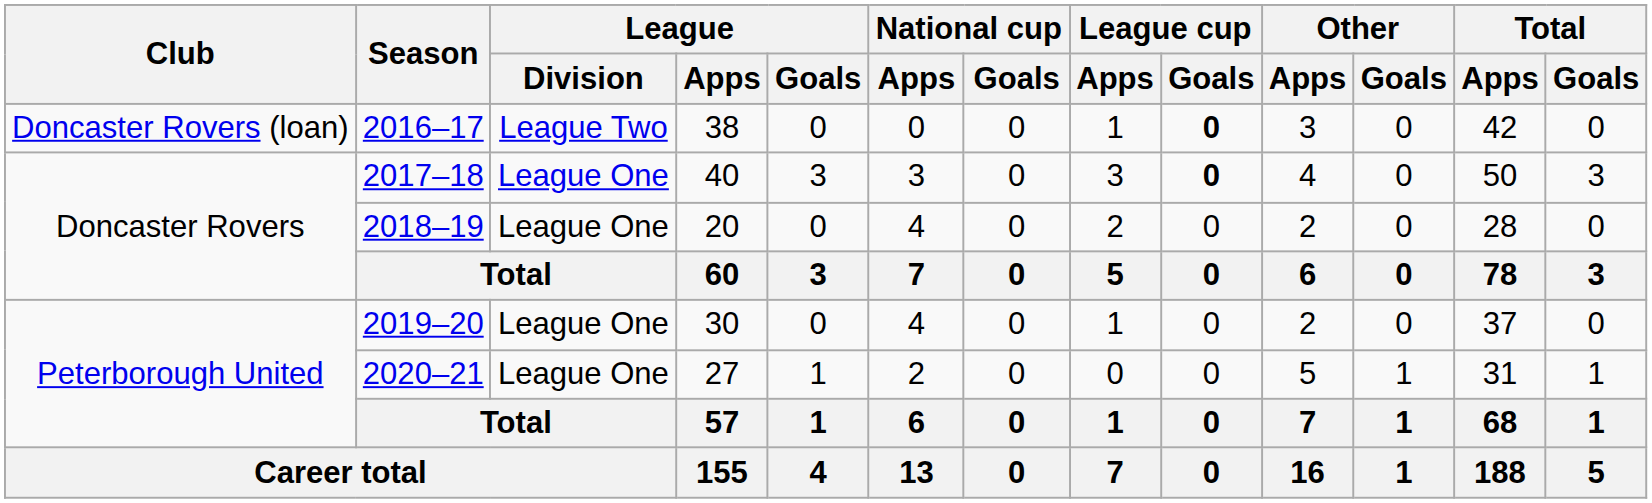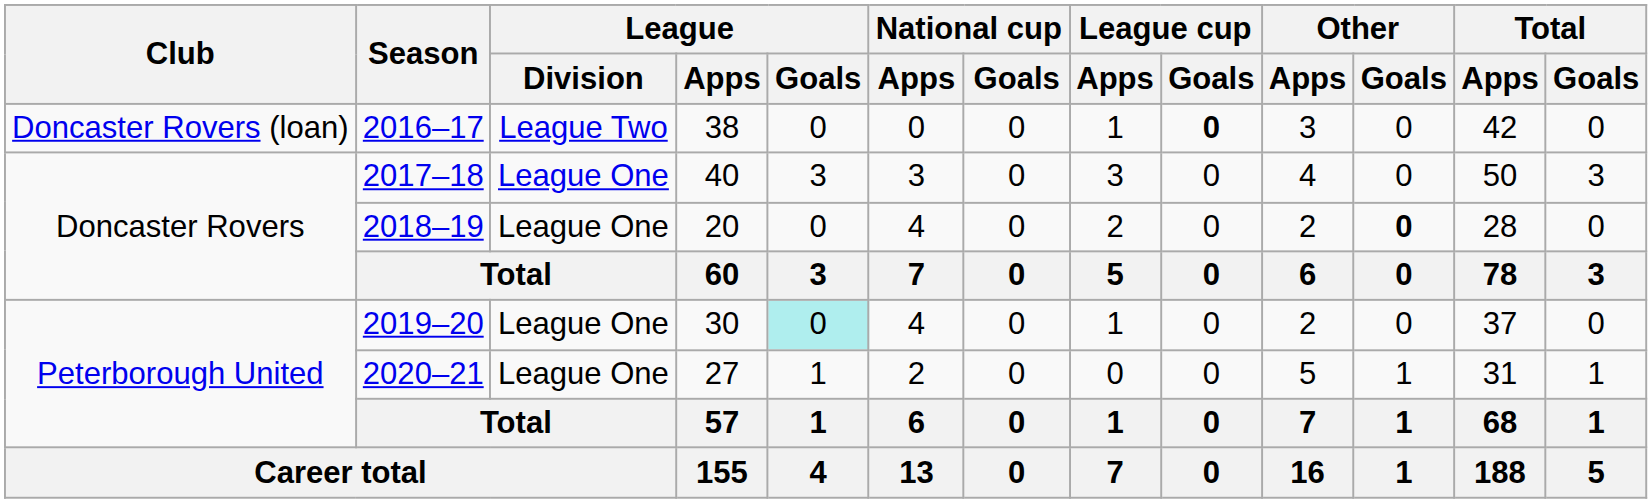 <table class="wikitable" style="text-align:center">
 <tr>
 <th rowspan="2">Club</th>
 <th rowspan="2">Season</th>
 <th colspan="3">League</th>
 <th colspan="2">National cup</th>
 <th colspan="2">League cup</th>
 <th colspan="2">Other</th>
 <th colspan="2">Total</th>
 </tr>
 <tr>
 <th>Division</th>
 <th>Apps</th>
 <th>Goals</th>
 <th>Apps</th>
 <th>Goals</th>
 <th>Apps</th>
 <th>Goals</th>
 <th>Apps</th>
 <th>Goals</th>
 <th>Apps</th>
 <th>Goals</th>
 </tr>
 <tr>
 <td><a href='#'>Doncaster Rovers</a> (loan)</td>
 <td><a href='#'>2016–17</a></td>
 <td><a href='#'>League Two</a></td>
 <td>38</td>
 <td>0</td>
 <td>0</td>
 <td>0</td>
 <td>1</td>
 <td><strong>0</strong></td>
 <td>3</td>
 <td>0</td>
 <td>42</td>
 <td>0</td>
 </tr>
 <tr>
 <td rowspan="3">Doncaster Rovers</td>
 <td><a href='#'>2017–18</a></td>
 <td><a href='#'>League One</a></td>
 <td>40</td>
 <td>3</td>
 <td>3</td>
 <td>0</td>
 <td>3</td>
-<td><strong>0</strong></td>
+<td>0</td>
 <td>4</td>
 <td>0</td>
 <td>50</td>
 <td>3</td>
 </tr>
 <tr>
 <td><a href='#'>2018–19</a></td>
 <td>League One</td>
 <td>20</td>
 <td>0</td>
 <td>4</td>
 <td>0</td>
 <td>2</td>
 <td>0</td>
 <td>2</td>
-<td>0</td>
+<td><strong>0</strong></td>
 <td>28</td>
 <td>0</td>
 </tr>
 <tr>
 <th colspan="2">Total</th>
 <th>60</th>
 <th>3</th>
 <th>7</th>
 <th>0</th>
 <th>5</th>
 <th>0</th>
 <th>6</th>
 <th>0</th>
 <th>78</th>
 <th>3</th>
 </tr>
 <tr>
 <td rowspan="3"><a href='#'>Peterborough United</a></td>
 <td><a href='#'>2019–20</a></td>
 <td>League One</td>
 <td>30</td>
-<td>0</td>
+<td style="background: paleturquoise;">0</td>
 <td>4</td>
 <td>0</td>
 <td>1</td>
 <td>0</td>
 <td>2</td>
 <td>0</td>
 <td>37</td>
 <td>0</td>
 </tr>
 <tr>
 <td><a href='#'>2020–21</a></td>
 <td>League One</td>
 <td>27</td>
 <td>1</td>
 <td>2</td>
 <td>0</td>
 <td>0</td>
 <td>0</td>
 <td>5</td>
 <td>1</td>
 <td>31</td>
 <td>1</td>
 </tr>
 <tr>
 <th colspan="2">Total</th>
 <th>57</th>
 <th>1</th>
 <th>6</th>
 <th>0</th>
 <th>1</th>
 <th>0</th>
 <th>7</th>
 <th>1</th>
 <th>68</th>
 <th>1</th>
 </tr>
 <tr>
 <th colspan="3">Career total</th>
 <th>155</th>
 <th>4</th>
 <th>13</th>
 <th>0</th>
 <th>7</th>
 <th>0</th>
 <th>16</th>
 <th>1</th>
 <th>188</th>
 <th>5</th>
 </tr>
 </table>
